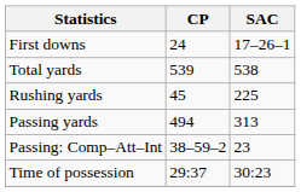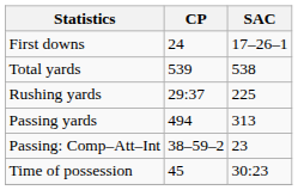 <table class="wikitable" style="float: left;">
 <tr>
 <th>Statistics</th>
 <th>CP</th>
 <th>SAC</th>
 </tr>
 <tr>
 <td>First downs</td>
 <td>24</td>
 <td>17–26–1</td>
 </tr>
 <tr>
 <td>Total yards</td>
 <td>539</td>
 <td>538</td>
 </tr>
 <tr>
 <td>Rushing yards</td>
-<td>45</td>
+<td>29:37</td>
 <td>225</td>
 </tr>
 <tr>
 <td>Passing yards</td>
 <td>494</td>
 <td>313</td>
 </tr>
 <tr>
 <td>Passing: Comp–Att–Int</td>
 <td>38–59–2</td>
 <td>23</td>
 </tr>
 <tr>
 <td>Time of possession</td>
-<td>29:37</td>
+<td>45</td>
 <td>30:23</td>
 </tr>
 <tr>
 </tr>
 </table>
